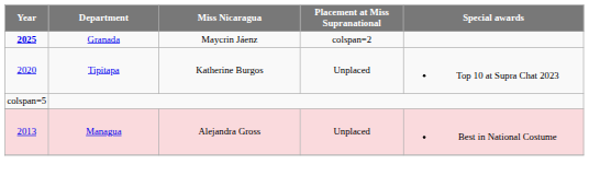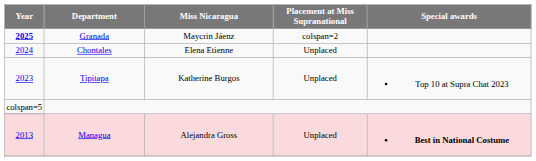 <table class="wikitable " style="font-size: 85%; text-align:center">
 <tr>
 <th width="40" style="background-color:#787878;color:#FFFFFF;">Year</th>
 <th width="150" style="background-color:#787878;color:#FFFFFF;">Department</th>
 <th width="195" style="background-color:#787878;color:#FFFFFF;">Miss Nicaragua</th>
 <th width="140" style="background-color:#787878;color:#FFFFFF;">Placement at Miss Supranational</th>
 <th width="250" style="background-color:#787878;color:#FFFFFF;">Special awards</th>
 </tr>
 <tr>
 <td><strong><a href='#'>2025</a></strong></td>
 <td><a href='#'>Granada</a></td>
 <td>Maycrin Jáenz</td>
 <td>colspan=2 </td>
 </tr>
 <tr>
-<td><a href='#'>2020</a></td>
+<td><a href='#'>2024</a></td>
+<td><a href='#'>Chontales</a></td>
+<td>Elena Etienne</td>
+<td>Unplaced</td>
+<td></td>
+</tr>
+<tr>
+<td><a href='#'>2023</a></td>
 <td><a href='#'>Tipitapa</a></td>
 <td>Katherine Burgos</td>
 <td>Unplaced</td>
 <td><br><ul><li>Top 10 at Supra Chat 2023</li></ul></td>
 </tr>
 <tr>
 <td>colspan=5 </td>
 </tr>
 <tr>
 </tr>
 <tr style="background-color:#FADADD">
 <td><a href='#'>2013</a></td>
 <td><a href='#'>Managua</a></td>
 <td>Alejandra Gross</td>
 <td>Unplaced</td>
-<td><br><ul><li>Best in National Costume</li></ul></td>
+<td><strong><br><ul><li>Best in National Costume</li></ul></strong></td>
 </tr>
 <tr>
 </tr>
 </table>
